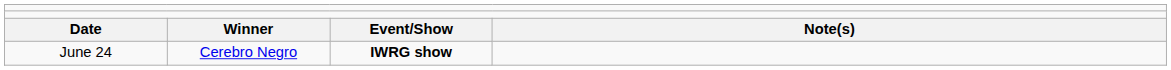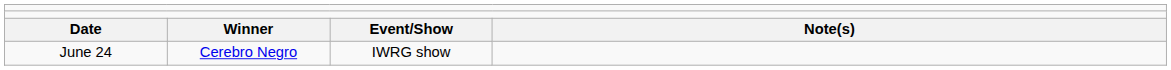 <table class="wikitable" style="text-align:center; width:100%;">
 <tr>
 <td colspan="5"></td>
 </tr>
 <tr>
 <td colspan="5"></td>
 </tr>
 <tr>
 <th style="width:14%;">Date</th>
 <th style="width:14%;">Winner</th>
 <th style="width:14%;">Event/Show</th>
 <th style="width:58%;">Note(s)</th>
 </tr>
 <tr>
 <td>June 24</td>
 <td><a href='#'>Cerebro Negro</a></td>
-<td><strong>IWRG show</strong></td>
+<td>IWRG show</td>
 <td></td>
 </tr>
 </table>
